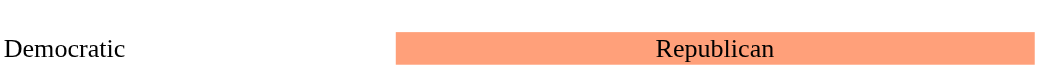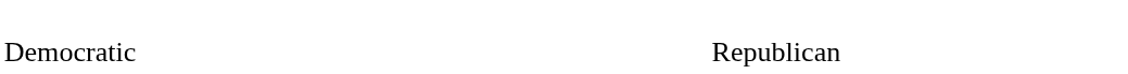 <table style="width:50em; text-align:center">
 <tr style="color:white">
 <td style="background:"><strong>45</strong></td>
 <td style="background:"><strong>55</strong></td>
 </tr>
 <tr>
 <td>Democratic</td>
-<td style="background: lightsalmon;">Republican</td>
+<td>Republican</td>
 </tr>
 </table>
